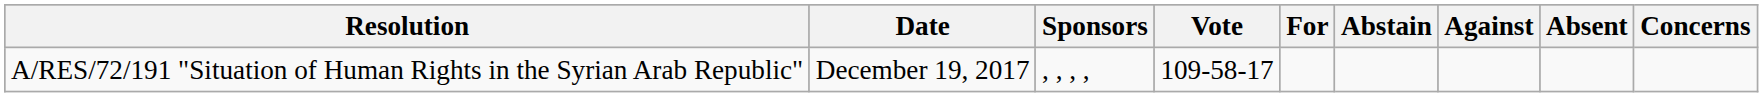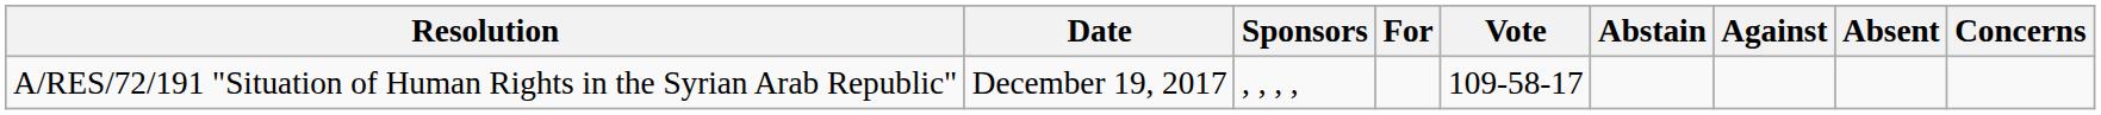 <table class="wikitable">
 <tr>
 <th>Resolution</th>
 <th>Date</th>
 <th>Sponsors</th>
+<th>For</th>
 <th>Vote</th>
-<th>For</th>
 <th>Abstain</th>
 <th>Against</th>
 <th>Absent</th>
 <th>Concerns</th>
 </tr>
 <tr>
 <td>A/RES/72/191 "Situation of Human Rights in the Syrian Arab Republic"</td>
 <td>December 19, 2017</td>
 <td>, , , , </td>
+<td></td>
 <td>109-58-17</td>
-<td></td>
 <td></td>
 <td></td>
 <td></td>
 <td></td>
 </tr>
 </table>
